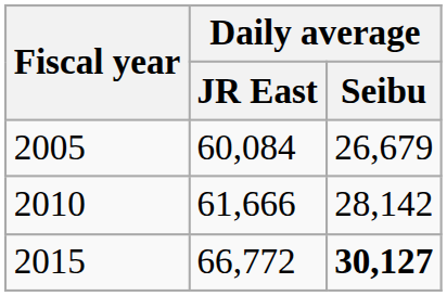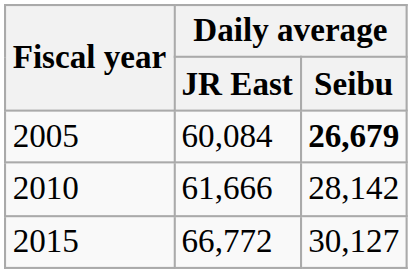 <table class="wikitable">
 <tr>
 <th rowspan="2">Fiscal year</th>
 <th colspan="2">Daily average</th>
 </tr>
 <tr>
 <th>JR East</th>
 <th>Seibu</th>
 </tr>
 <tr>
 <td>2005</td>
 <td>60,084</td>
-<td>26,679</td>
+<td><strong>26,679</strong></td>
 </tr>
 <tr>
 <td>2010</td>
 <td>61,666</td>
 <td>28,142</td>
 </tr>
 <tr>
 <td>2015</td>
 <td>66,772</td>
-<td><strong>30,127</strong></td>
+<td>30,127</td>
 </tr>
 </table>
